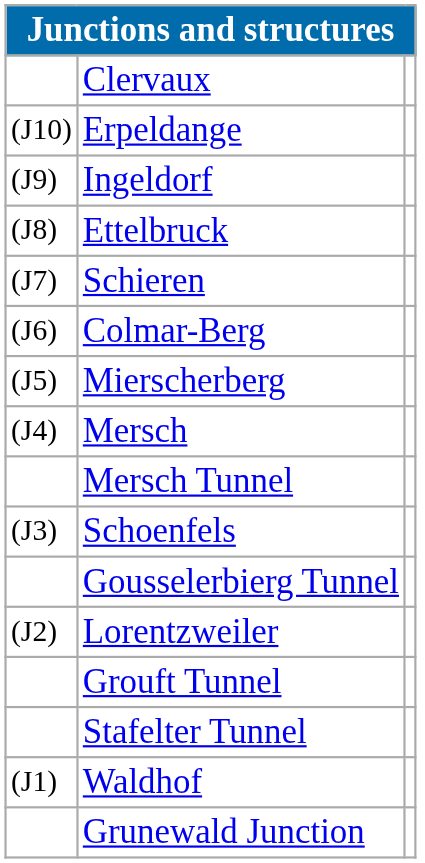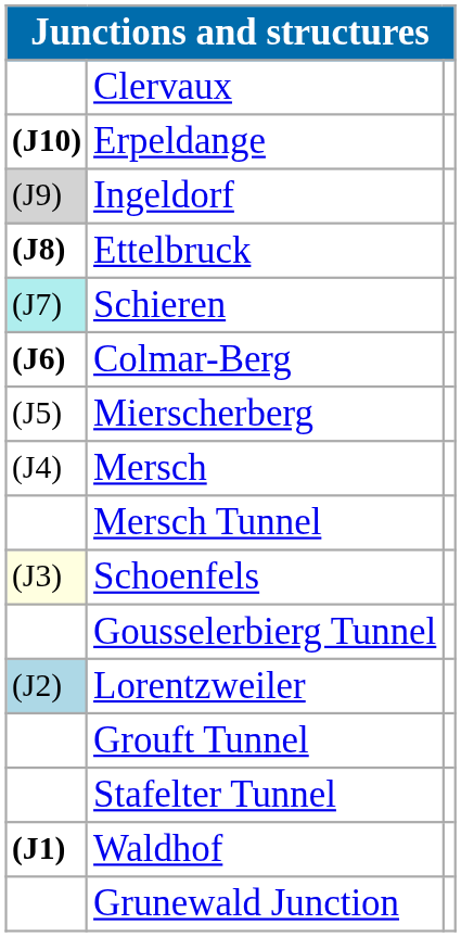 <table border="1" cellpadding="2" cellspacing="0" align="left" style="margin-left:0.5em; border:1px solid #aaa; border-collapse:collapse;">
 <tr>
 <td colspan=3 style="color:#ffffff;background-color:#006CAC; text-align: center;"><strong>Junctions and structures</strong></td>
 </tr>
 <tr>
 <td cellpadding="0" cellspacing="0"  style="font-size:85%; margin:12px"></td>
 <td><a href='#'>Clervaux</a></td>
 <td></td>
 </tr>
 <tr>
-<td style="font-size:85%;"> (J10)</td>
+<td style="font-size:85%;"><strong> (J10)</strong></td>
 <td><a href='#'>Erpeldange</a></td>
 <td></td>
 </tr>
 <tr>
-<td style="font-size:85%;"> (J9)</td>
+<td style="background: lightgrey; font-size:85%;"> (J9)</td>
 <td><a href='#'>Ingeldorf</a></td>
 <td></td>
 </tr>
 <tr>
-<td style="font-size:85%;"> (J8)</td>
+<td style="font-size:85%;"><strong> (J8)</strong></td>
 <td><a href='#'>Ettelbruck</a></td>
 <td></td>
 </tr>
 <tr>
-<td style="font-size:85%;"> (J7)</td>
+<td style="background: paleturquoise; font-size:85%;"> (J7)</td>
 <td><a href='#'>Schieren</a></td>
 <td></td>
 </tr>
 <tr>
-<td style="font-size:85%;"> (J6)</td>
+<td style="font-size:85%;"><strong> (J6)</strong></td>
 <td><a href='#'>Colmar-Berg</a></td>
 <td></td>
 </tr>
 <tr>
 <td style="font-size:85%;"> (J5)</td>
 <td><a href='#'>Mierscherberg</a></td>
 <td></td>
 </tr>
 <tr>
 <td style="font-size:85%;"> (J4)</td>
 <td><a href='#'>Mersch</a></td>
 <td></td>
 </tr>
 <tr>
 <td style="font-size:85%;"></td>
 <td><a href='#'>Mersch Tunnel</a></td>
 <td></td>
 </tr>
 <tr>
-<td style="font-size:85%;"> (J3)</td>
+<td style="background: lightyellow; font-size:85%;"> (J3)</td>
 <td><a href='#'>Schoenfels</a></td>
 <td></td>
 </tr>
 <tr>
 <td style="font-size:85%;"></td>
 <td><a href='#'>Gousselerbierg Tunnel</a></td>
 <td></td>
 </tr>
 <tr>
-<td style="font-size:85%;"> (J2)</td>
+<td style="background: lightblue; font-size:85%;"> (J2)</td>
 <td><a href='#'>Lorentzweiler</a></td>
 <td></td>
 </tr>
 <tr>
 <td style="font-size:85%;"></td>
 <td><a href='#'>Grouft Tunnel</a></td>
 <td></td>
 </tr>
 <tr>
 <td style="font-size:85%;"></td>
 <td><a href='#'>Stafelter Tunnel</a></td>
 <td></td>
 </tr>
 <tr>
-<td style="font-size:85%;"> (J1)</td>
+<td style="font-size:85%;"><strong> (J1)</strong></td>
 <td><a href='#'>Waldhof</a></td>
 <td></td>
 </tr>
 <tr>
 <td style="font-size:85%;"></td>
 <td><a href='#'>Grunewald Junction</a></td>
 <td></td>
 </tr>
 </table>
